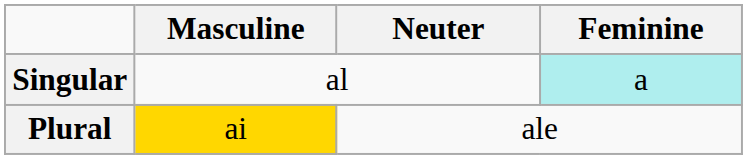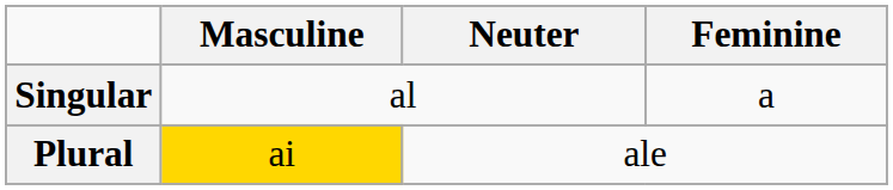 <table class="wikitable">
 <tr>
 <td></td>
 <th style="width: 6em">Masculine</th>
 <th style="width: 6em">Neuter</th>
 <th style="width: 6em">Feminine</th>
 </tr>
 <tr>
 <th>Singular</th>
 <td align=center colspan=2>al</td>
-<td align=center style="background: paleturquoise;">a</td>
+<td align=center>a</td>
 </tr>
 <tr>
 <th>Plural</th>
 <td align=center style="background: gold;">ai</td>
 <td align=center colspan=2>ale</td>
 </tr>
 </table>
